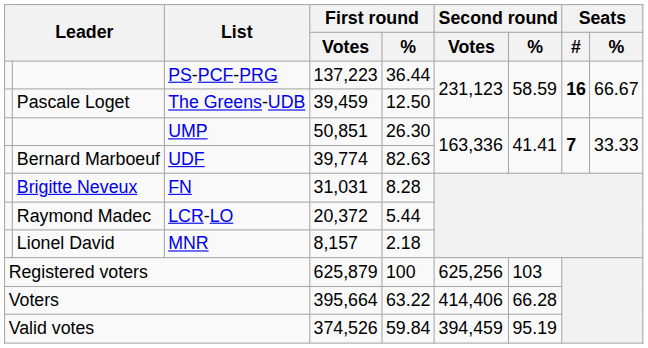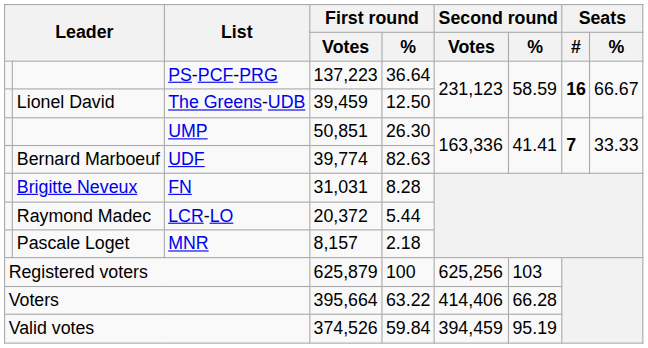 <table class="wikitable">
 <tr>
 <th colspan="2" rowspan="2">Leader</th>
 <th rowspan="2">List</th>
 <th colspan="2">First round</th>
 <th colspan="2">Second round</th>
 <th colspan="2">Seats</th>
 </tr>
 <tr>
 <th>Votes</th>
 <th>%</th>
 <th>Votes</th>
 <th>%</th>
 <th>#</th>
 <th>%</th>
 </tr>
 <tr>
 <td style="background:"></td>
 <td></td>
 <td><a href='#'>PS</a>-<a href='#'>PCF</a>-<a href='#'>PRG</a></td>
 <td>137,223</td>
-<td>36.44</td>
+<td>36.64</td>
 <td rowspan="2">231,123</td>
 <td rowspan="2">58.59</td>
 <td rowspan="2"><strong>16</strong></td>
 <td rowspan="2">66.67</td>
 </tr>
 <tr>
 <td style="background:"></td>
-<td>Pascale Loget</td>
+<td>Lionel David</td>
 <td><a href='#'>The Greens</a>-<a href='#'>UDB</a></td>
 <td>39,459</td>
 <td>12.50</td>
 </tr>
 <tr>
 <td style="background:"></td>
 <td></td>
 <td><a href='#'>UMP</a></td>
 <td>50,851</td>
 <td>26.30</td>
 <td rowspan="2">163,336</td>
 <td rowspan="2">41.41</td>
 <td rowspan="2"><strong>7</strong></td>
 <td rowspan="2">33.33</td>
 </tr>
 <tr>
 <td style="background:"></td>
 <td>Bernard Marboeuf</td>
 <td><a href='#'>UDF</a></td>
 <td>39,774</td>
 <td>82.63</td>
 </tr>
 <tr>
 <td style="background:"></td>
 <td><a href='#'>Brigitte Neveux</a></td>
 <td><a href='#'>FN</a></td>
 <td>31,031</td>
 <td>8.28</td>
 <th colspan="4" rowspan="3"></th>
 </tr>
 <tr>
 <td style="background:"></td>
 <td>Raymond Madec</td>
 <td><a href='#'>LCR</a>-<a href='#'>LO</a></td>
 <td>20,372</td>
 <td>5.44</td>
 </tr>
 <tr>
 <td style="background:"></td>
-<td>Lionel David</td>
+<td>Pascale Loget</td>
 <td><a href='#'>MNR</a></td>
 <td>8,157</td>
 <td>2.18</td>
 </tr>
 <tr>
 <td colspan="3">Registered voters</td>
 <td>625,879</td>
 <td>100</td>
 <td>625,256</td>
 <td>103</td>
 <th colspan="2" rowspan="3"></th>
 </tr>
 <tr>
 <td colspan="3">Voters</td>
 <td>395,664</td>
 <td>63.22</td>
 <td>414,406</td>
 <td>66.28</td>
 </tr>
 <tr>
 <td colspan="3">Valid votes</td>
 <td>374,526</td>
 <td>59.84</td>
 <td>394,459</td>
 <td>95.19</td>
 </tr>
 </table>
